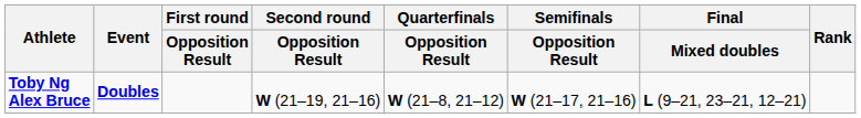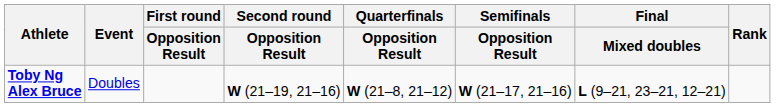 <table class="wikitable" style="font-size:90%">
 <tr>
 <th rowspan=2>Athlete</th>
 <th rowspan=2>Event</th>
 <th>First round</th>
 <th>Second round</th>
 <th>Quarterfinals</th>
 <th>Semifinals</th>
 <th>Final</th>
 <th rowspan=2>Rank</th>
 </tr>
 <tr>
 <th>Opposition<br>Result</th>
 <th>Opposition<br>Result</th>
 <th>Opposition<br>Result</th>
 <th>Opposition<br>Result</th>
 <th Opposition>Mixed doubles</th>
 </tr>
 <tr align=center>
 <td align=left><strong><a href='#'>Toby Ng</a><br><a href='#'>Alex Bruce</a></strong></td>
-<td><strong><a href='#'>Doubles</a></strong></td>
+<td><a href='#'>Doubles</a></td>
 <td></td>
 <td><br><strong>W</strong> (21–19, 21–16)</td>
 <td><br><strong>W</strong> (21–8, 21–12)</td>
 <td><br><strong>W</strong> (21–17, 21–16)</td>
 <td><br><strong>L</strong> (9–21, 23–21, 12–21)</td>
 <td></td>
 </tr>
 </table>
